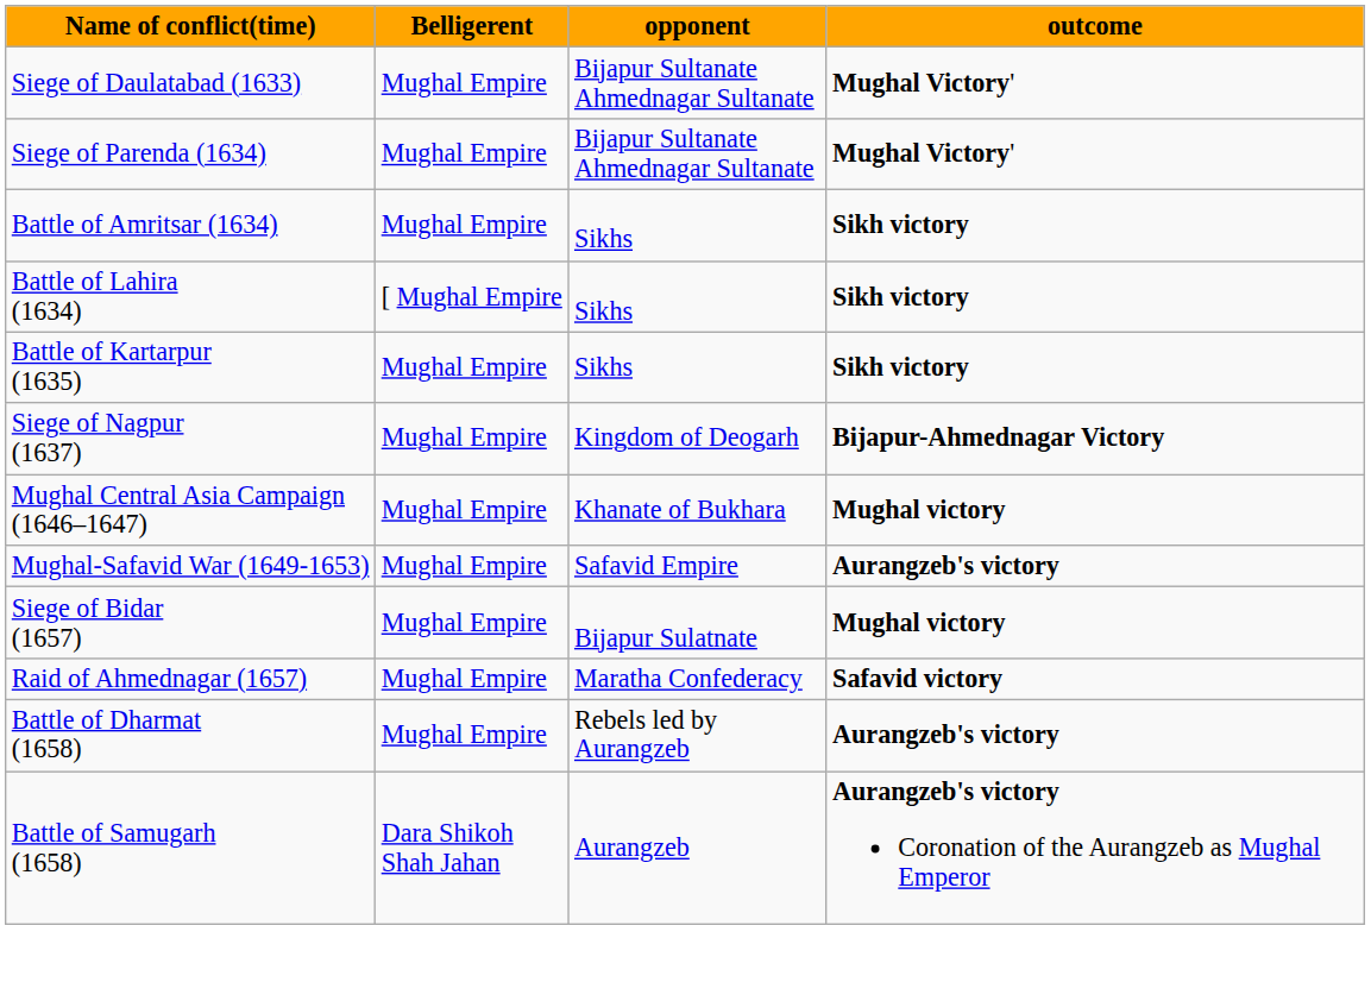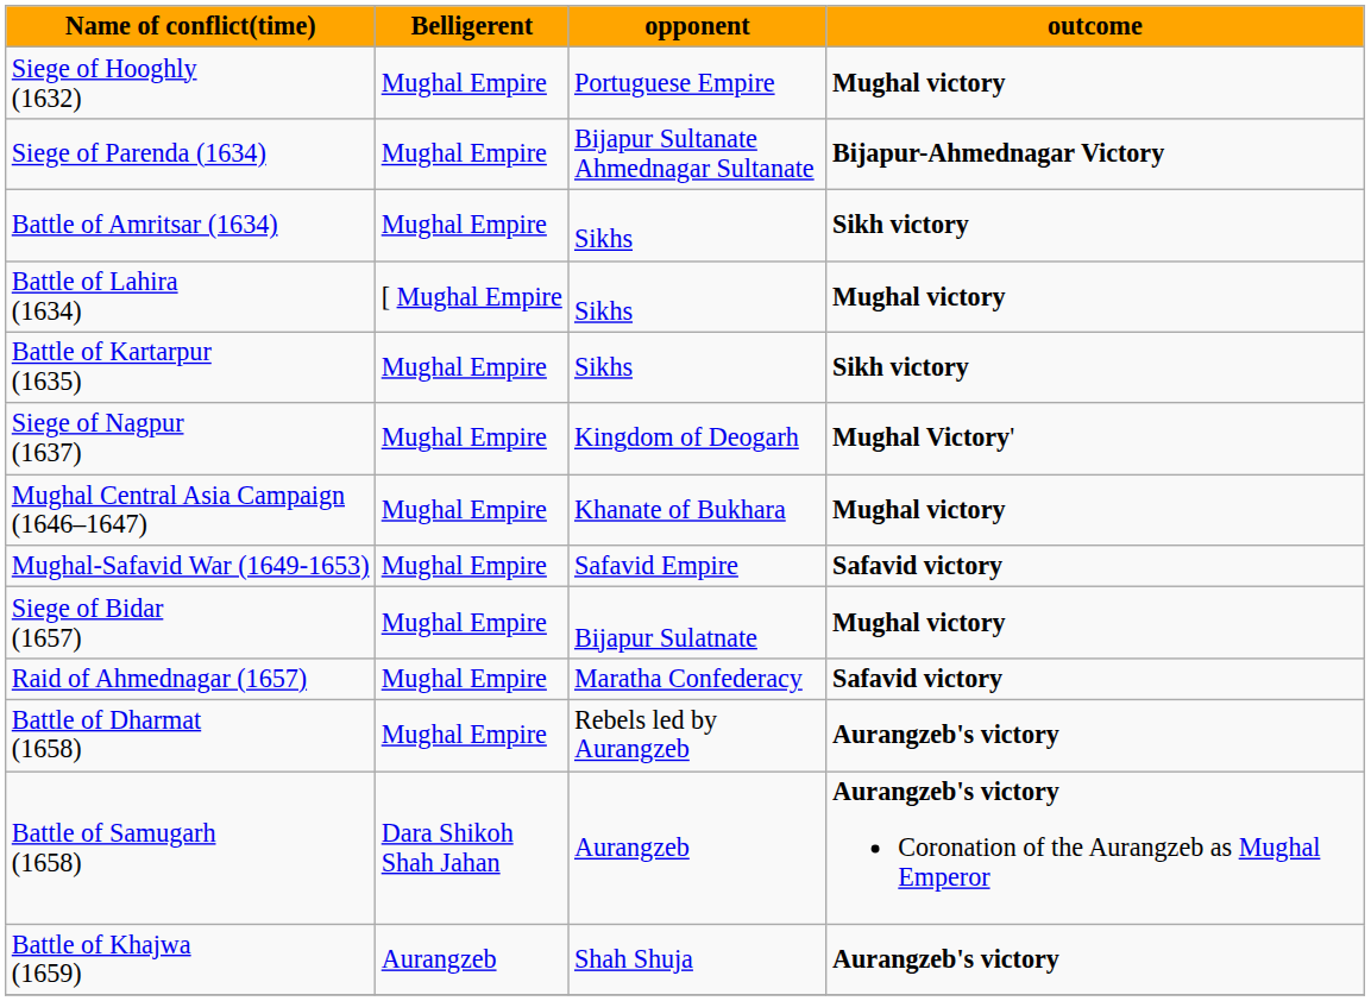 <table class="wikitable">
 <tr>
 <th style="background:orange;"><span>Name of conflict(time)</span></th>
 <th style="background:orange;widh:150px;"><span>Belligerent</span></th>
 <th style="background:orange;width:150px;"><span>opponent</span></th>
 <th style="background:orange;width:320px;"><span>outcome</span></th>
 </tr>
 <tr>
-<td><a href='#'>Siege of Daulatabad (1633)</a></td>
-<td> <a href='#'>Mughal Empire</a></td>
-<td> <a href='#'>Bijapur Sultanate</a><br> <a href='#'>Ahmednagar Sultanate</a></td>
-<td><strong>Mughal Victory</strong>'</td>
+<td><a href='#'>Siege of Hooghly</a><br>(1632)</td>
+<td><a href='#'>Mughal Empire</a></td>
+<td> <a href='#'>Portuguese Empire</a></td>
+<td><strong>Mughal victory</strong></td>
 </tr>
 <tr>
 <td><a href='#'>Siege of Parenda (1634)</a></td>
 <td> <a href='#'>Mughal Empire</a></td>
 <td> <a href='#'>Bijapur Sultanate</a><br> <a href='#'>Ahmednagar Sultanate</a></td>
-<td><strong>Mughal Victory</strong>'</td>
+<td><strong>Bijapur-Ahmednagar Victory</strong></td>
 </tr>
 <tr>
 <td><a href='#'>Battle of Amritsar (1634)</a></td>
 <td> <a href='#'>Mughal Empire</a></td>
 <td><br><a href='#'>Sikhs</a></td>
 <td><strong>Sikh victory</strong></td>
 </tr>
 <tr>
 <td><a href='#'>Battle of Lahira</a><br>(1634)</td>
 <td>[ <a href='#'>Mughal Empire</a></td>
 <td><br><a href='#'>Sikhs</a></td>
-<td><strong>Sikh victory</strong></td>
+<td><strong>Mughal victory</strong></td>
 </tr>
 <tr>
 <td><a href='#'>Battle of Kartarpur</a><br>(1635)</td>
 <td> <a href='#'>Mughal Empire</a></td>
 <td> <a href='#'>Sikhs</a></td>
 <td><strong>Sikh victory</strong></td>
 </tr>
 <tr>
 <td><a href='#'>Siege of Nagpur</a><br>(1637)</td>
 <td> <a href='#'>Mughal Empire</a></td>
 <td><a href='#'>Kingdom of Deogarh</a></td>
-<td><strong>Bijapur-Ahmednagar Victory</strong></td>
+<td><strong>Mughal Victory</strong>'</td>
 </tr>
 <tr>
 <td><a href='#'>Mughal Central Asia Campaign</a><br>(1646–1647)</td>
 <td> <a href='#'>Mughal Empire</a></td>
 <td> <a href='#'>Khanate of Bukhara</a></td>
 <td><strong>Mughal victory</strong></td>
 </tr>
 <tr>
 <td><a href='#'>Mughal-Safavid War (1649-1653)</a></td>
 <td><a href='#'>Mughal Empire</a></td>
 <td> <a href='#'>Safavid Empire</a></td>
-<td><strong>Aurangzeb's victory</strong></td>
+<td><strong>Safavid victory</strong></td>
 </tr>
 <tr>
 <td><a href='#'>Siege of Bidar</a><br>(1657)</td>
 <td><a href='#'>Mughal Empire</a></td>
 <td><br><a href='#'>Bijapur Sulatnate</a></td>
 <td><strong>Mughal victory</strong></td>
 </tr>
 <tr>
 <td><a href='#'>Raid of Ahmednagar (1657)</a></td>
 <td><a href='#'>Mughal Empire</a></td>
 <td> <a href='#'>Maratha Confederacy</a></td>
 <td><strong>Safavid victory</strong></td>
 </tr>
 <tr>
 <td><a href='#'>Battle of Dharmat</a><br>(1658)</td>
 <td><a href='#'>Mughal Empire</a></td>
 <td> Rebels led by <a href='#'>Aurangzeb</a></td>
 <td><strong>Aurangzeb's victory</strong></td>
 </tr>
 <tr>
 <td><a href='#'>Battle of Samugarh</a><br>(1658)</td>
 <td> <a href='#'>Dara Shikoh</a><br><a href='#'>Shah Jahan</a></td>
 <td> <a href='#'>Aurangzeb</a></td>
 <td><strong>Aurangzeb's victory</strong><br><ul><li>Coronation of the Aurangzeb as <a href='#'>Mughal Emperor</a></li></ul></td>
 </tr>
 <tr>
+<td><a href='#'>Battle of Khajwa</a><br>(1659)</td>
+<td> <a href='#'>Aurangzeb</a></td>
+<td> <a href='#'>Shah Shuja</a></td>
+<td><strong>Aurangzeb's victory</strong></td>
+</tr>
+<tr>
 </tr>
 </table>
